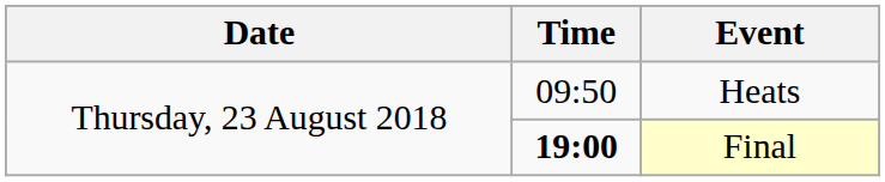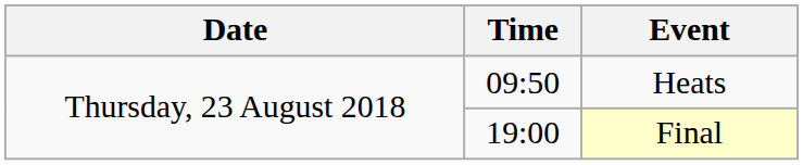 <table class = "wikitable" style="text-align:center;">
 <tr>
 <th width=220>Date</th>
 <th width=50>Time</th>
 <th width=100>Event</th>
 </tr>
 <tr>
 <td rowspan=2>Thursday, 23 August 2018</td>
 <td>09:50</td>
 <td>Heats</td>
 </tr>
 <tr>
-<td><strong>19:00</strong></td>
+<td>19:00</td>
 <td bgcolor=ffffcc>Final</td>
 </tr>
 </table>
